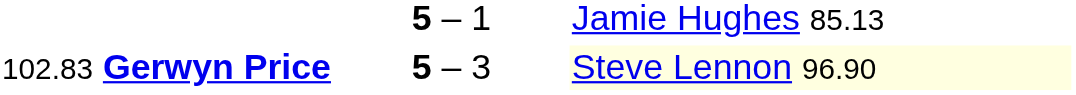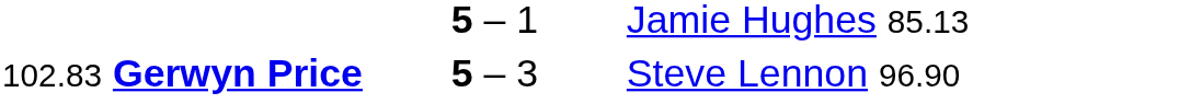 <table style="text-align:center">
 <tr>
 <th width=223></th>
 <th width=100></th>
 <th width=223></th>
 </tr>
 <tr>
 <td align=right></td>
 <td><strong>5</strong> – 1</td>
 <td align=left> <a href='#'>Jamie Hughes</a> <small>85.13</small></td>
 </tr>
 <tr>
 <td align=right><small>102.83</small> <strong><a href='#'>Gerwyn Price</a></strong> </td>
 <td><strong>5</strong> – 3</td>
-<td align=left style="background: lightyellow;"> <a href='#'>Steve Lennon</a> <small>96.90</small></td>
+<td align=left> <a href='#'>Steve Lennon</a> <small>96.90</small></td>
 </tr>
 </table>
